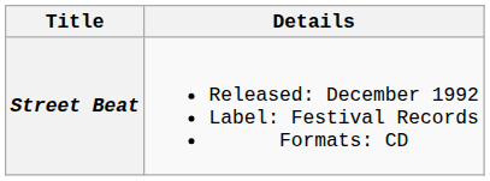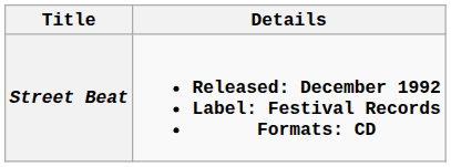 <table class="wikitable plainrowheaders" style="text-align:center;">
 <tr>
 <th>Title</th>
 <th>Details</th>
 </tr>
 <tr>
 <th scope="row"><em>Street Beat</em></th>
-<td><br><ul><li>Released: December 1992</li><li>Label: Festival Records</li><li>Formats: CD</li></ul></td>
+<td><strong><br><ul><li>Released: December 1992</li><li>Label: Festival Records</li><li>Formats: CD</li></ul></strong></td>
 </tr>
 </table>
